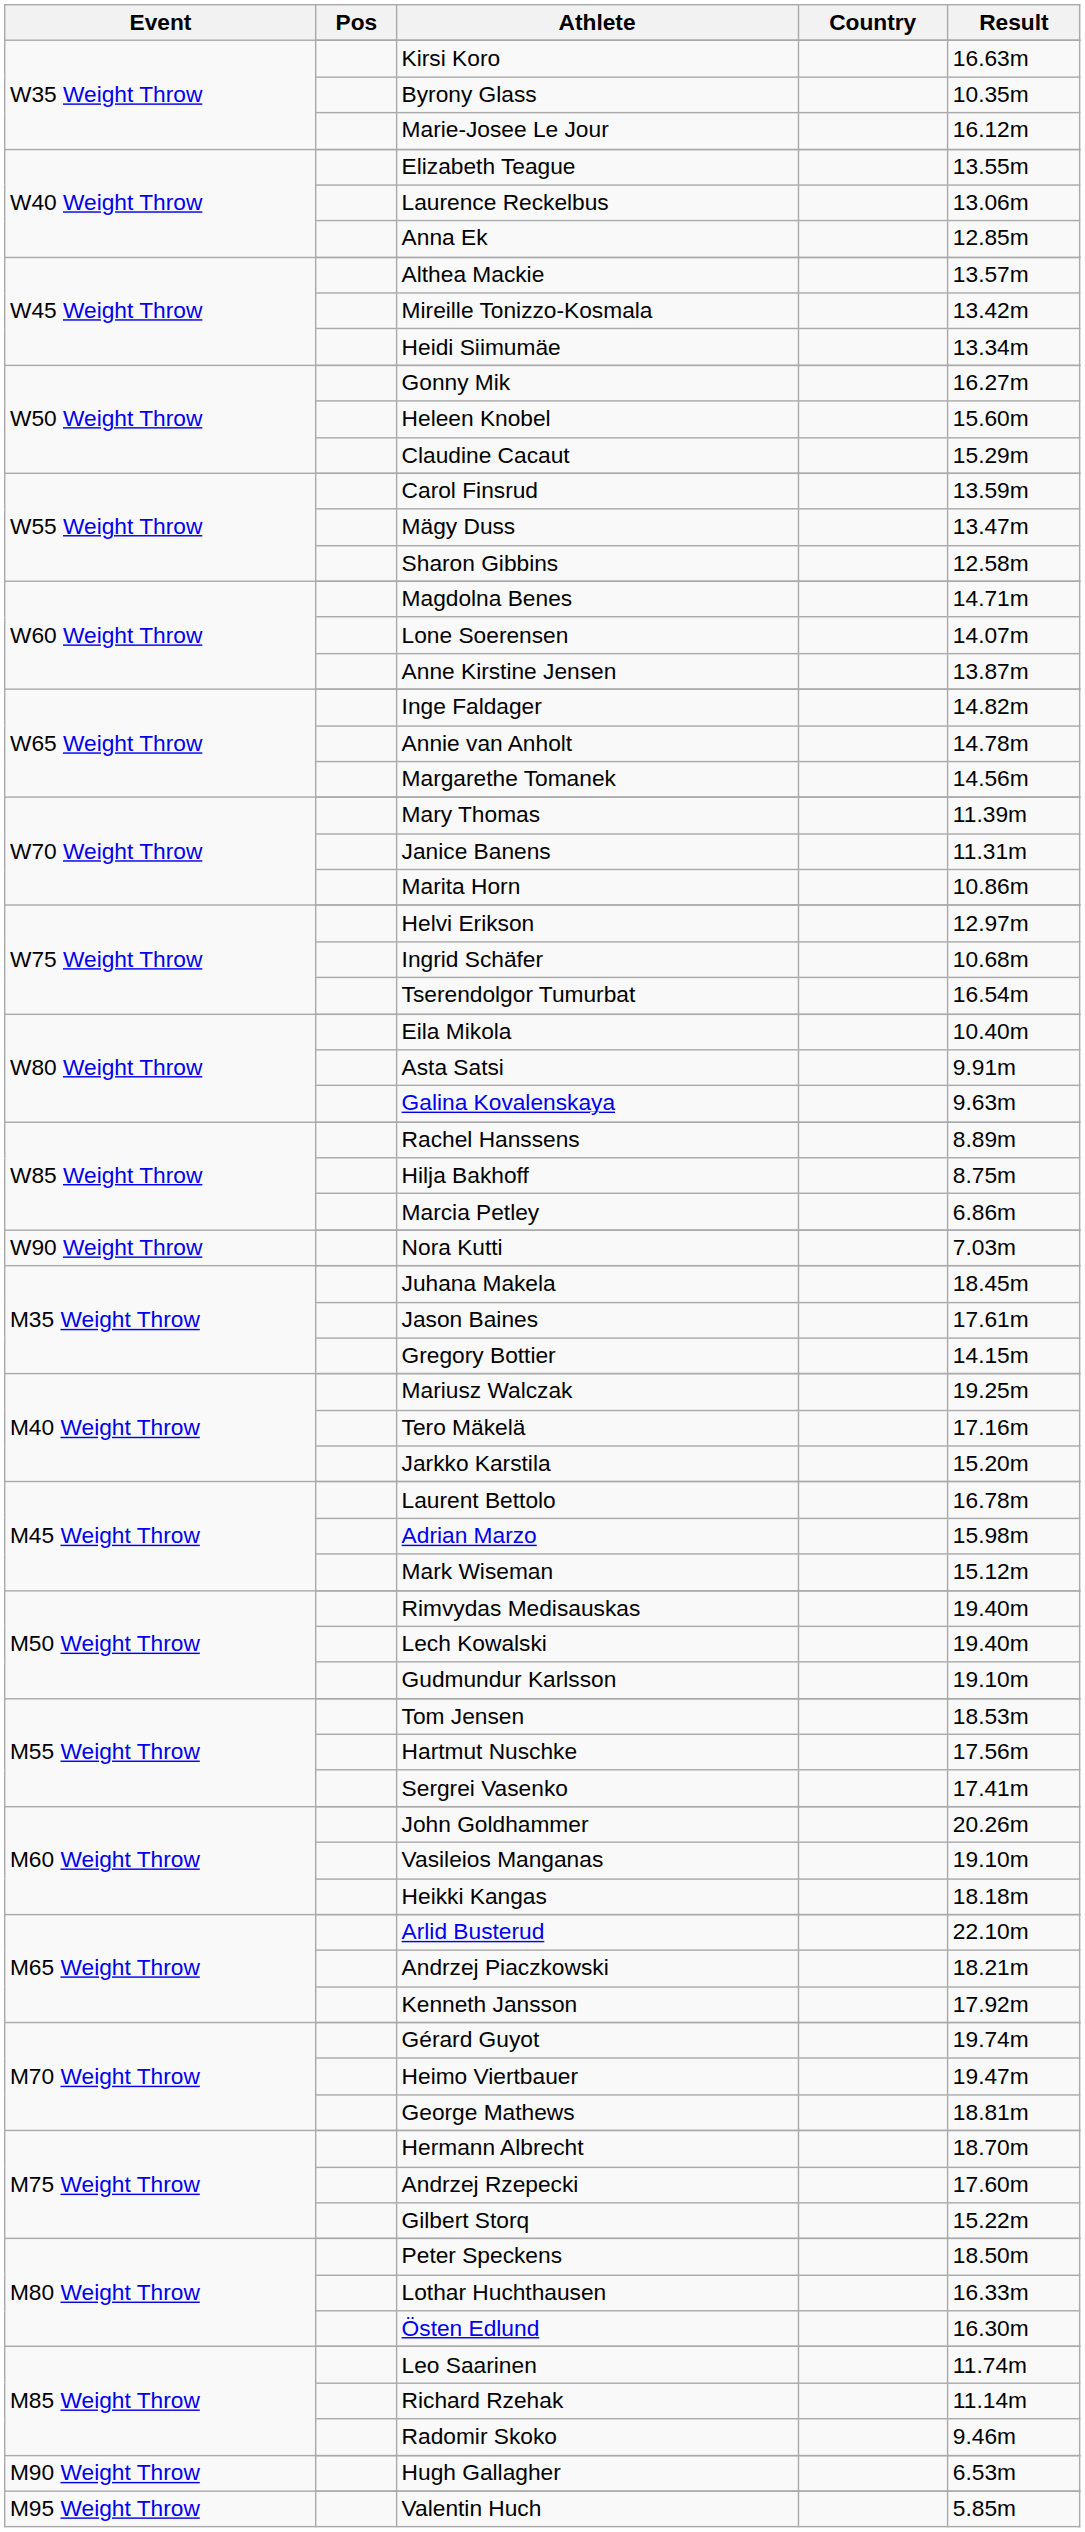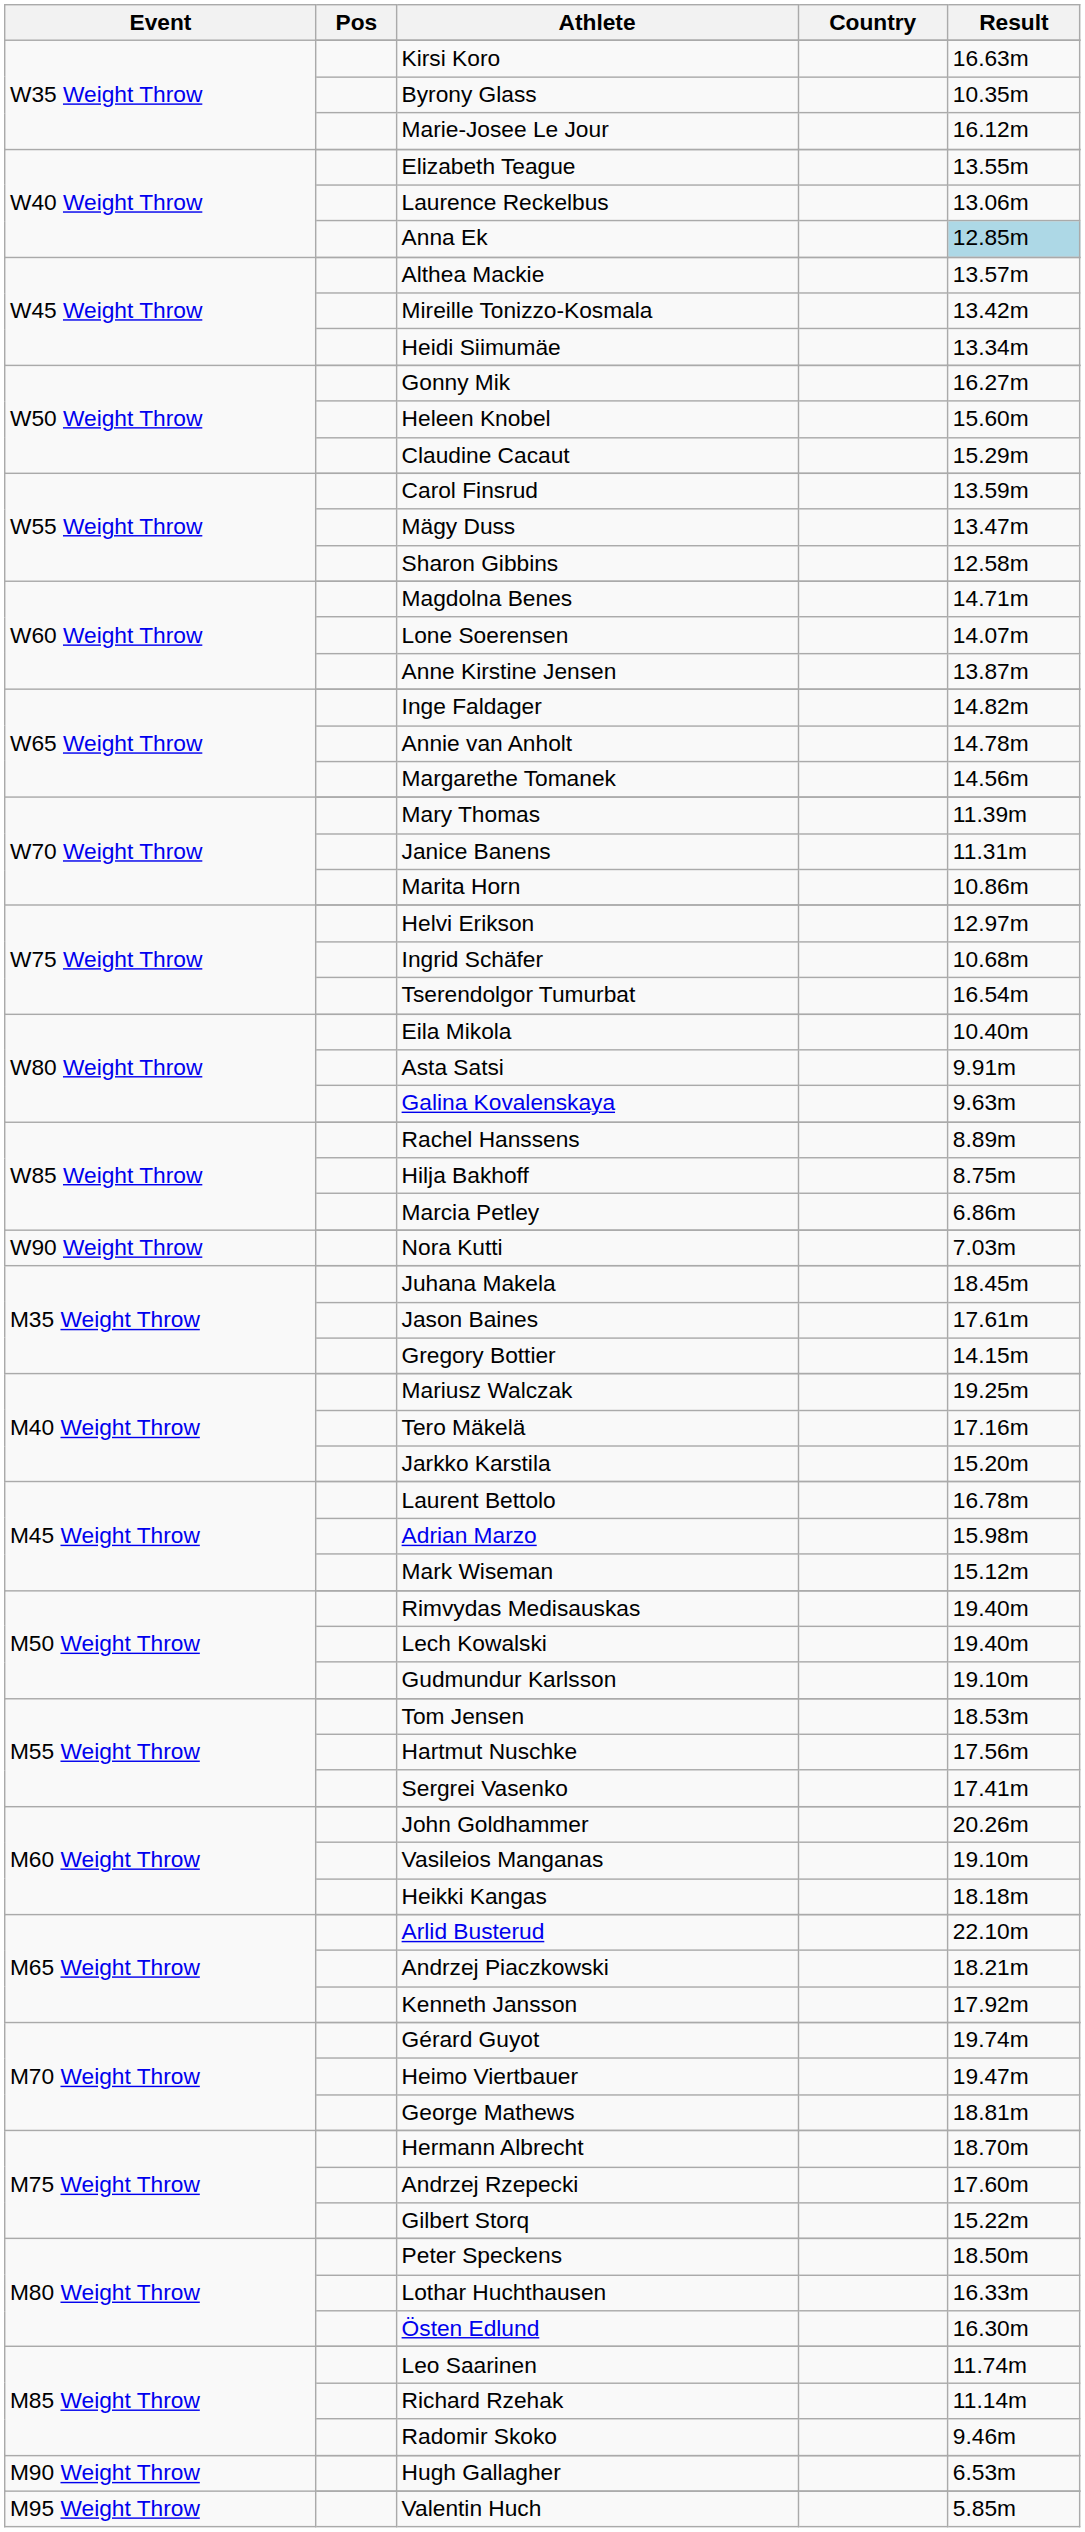 <table class="wikitable" style="width:60%;">
 <tr>
 <th>Event</th>
 <th>Pos</th>
 <th>Athlete</th>
 <th>Country</th>
 <th>Result</th>
 </tr>
 <tr>
 <td rowspan='4'>W35 <a href='#'>Weight Throw</a></td>
 </tr>
 <tr>
 <td align=center></td>
 <td align=left>Kirsi Koro</td>
 <td align=left></td>
 <td>16.63m</td>
 </tr>
 <tr>
 <td align=center></td>
 <td align=left>Byrony Glass</td>
 <td align=left></td>
 <td>10.35m</td>
 </tr>
 <tr>
 <td align=center></td>
 <td align=left>Marie-Josee Le Jour</td>
 <td align=left></td>
 <td>16.12m</td>
 </tr>
 <tr>
 <td rowspan='4'>W40 <a href='#'>Weight Throw</a></td>
 </tr>
 <tr>
 <td align=center></td>
 <td align=left>Elizabeth Teague</td>
 <td align=left></td>
 <td>13.55m</td>
 </tr>
 <tr>
 <td align=center></td>
 <td align=left>Laurence Reckelbus</td>
 <td align=left></td>
 <td>13.06m</td>
 </tr>
 <tr>
 <td align=center></td>
 <td align=left>Anna Ek</td>
 <td align=left></td>
-<td>12.85m</td>
+<td style="background: lightblue;">12.85m</td>
 </tr>
 <tr>
 <td rowspan='4'>W45 <a href='#'>Weight Throw</a></td>
 </tr>
 <tr>
 <td align=center></td>
 <td align=left>Althea Mackie</td>
 <td align=left></td>
 <td>13.57m</td>
 </tr>
 <tr>
 <td align=center></td>
 <td align=left>Mireille Tonizzo-Kosmala</td>
 <td align=left></td>
 <td>13.42m</td>
 </tr>
 <tr>
 <td align=center></td>
 <td align=left>Heidi Siimumäe</td>
 <td align=left></td>
 <td>13.34m</td>
 </tr>
 <tr>
 <td rowspan='4'>W50 <a href='#'>Weight Throw</a></td>
 </tr>
 <tr>
 <td align=center></td>
 <td align=left>Gonny Mik</td>
 <td align=left></td>
 <td>16.27m</td>
 </tr>
 <tr>
 <td align=center></td>
 <td align=left>Heleen Knobel</td>
 <td align=left></td>
 <td>15.60m</td>
 </tr>
 <tr>
 <td align=center></td>
 <td align=left>Claudine Cacaut</td>
 <td align=left></td>
 <td>15.29m</td>
 </tr>
 <tr>
 <td rowspan='4'>W55 <a href='#'>Weight Throw</a></td>
 </tr>
 <tr>
 <td align=center></td>
 <td align=left>Carol Finsrud</td>
 <td align=left></td>
 <td>13.59m</td>
 </tr>
 <tr>
 <td align=center></td>
 <td align=left>Mägy Duss</td>
 <td align=left></td>
 <td>13.47m</td>
 </tr>
 <tr>
 <td align=center></td>
 <td align=left>Sharon Gibbins</td>
 <td align=left></td>
 <td>12.58m</td>
 </tr>
 <tr>
 <td rowspan='4'>W60 <a href='#'>Weight Throw</a></td>
 </tr>
 <tr>
 <td align=center></td>
 <td align=left>Magdolna Benes</td>
 <td align=left></td>
 <td>14.71m</td>
 </tr>
 <tr>
 <td align=center></td>
 <td align=left>Lone Soerensen</td>
 <td align=left></td>
 <td>14.07m</td>
 </tr>
 <tr>
 <td align=center></td>
 <td align=left>Anne Kirstine Jensen</td>
 <td align=left></td>
 <td>13.87m</td>
 </tr>
 <tr>
 <td rowspan='4'>W65 <a href='#'>Weight Throw</a></td>
 </tr>
 <tr>
 <td align=center></td>
 <td align=left>Inge Faldager</td>
 <td align=left></td>
 <td>14.82m</td>
 </tr>
 <tr>
 <td align=center></td>
 <td align=left>Annie van Anholt</td>
 <td align=left></td>
 <td>14.78m</td>
 </tr>
 <tr>
 <td align=center></td>
 <td align=left>Margarethe Tomanek</td>
 <td align=left></td>
 <td>14.56m</td>
 </tr>
 <tr>
 <td rowspan='4'>W70 <a href='#'>Weight Throw</a></td>
 </tr>
 <tr>
 <td align=center></td>
 <td align=left>Mary Thomas</td>
 <td align=left></td>
 <td>11.39m</td>
 </tr>
 <tr>
 <td align=center></td>
 <td align=left>Janice Banens</td>
 <td align=left></td>
 <td>11.31m</td>
 </tr>
 <tr>
 <td align=center></td>
 <td align=left>Marita Horn</td>
 <td align=left></td>
 <td>10.86m</td>
 </tr>
 <tr>
 <td rowspan='4'>W75 <a href='#'>Weight Throw</a></td>
 </tr>
 <tr>
 <td align=center></td>
 <td align=left>Helvi Erikson</td>
 <td align=left></td>
 <td>12.97m</td>
 </tr>
 <tr>
 <td align=center></td>
 <td align=left>Ingrid Schäfer</td>
 <td align=left></td>
 <td>10.68m</td>
 </tr>
 <tr>
 <td align=center></td>
 <td align=left>Tserendolgor Tumurbat</td>
 <td align=left></td>
 <td>16.54m</td>
 </tr>
 <tr>
 <td rowspan='4'>W80 <a href='#'>Weight Throw</a></td>
 </tr>
 <tr>
 <td align=center></td>
 <td align=left>Eila Mikola</td>
 <td align=left></td>
 <td>10.40m</td>
 </tr>
 <tr>
 <td align=center></td>
 <td align=left>Asta Satsi</td>
 <td align=left></td>
 <td>9.91m</td>
 </tr>
 <tr>
 <td align=center></td>
 <td align=left><a href='#'>Galina Kovalenskaya</a></td>
 <td align=left></td>
 <td>9.63m</td>
 </tr>
 <tr>
 <td rowspan='4'>W85 <a href='#'>Weight Throw</a></td>
 </tr>
 <tr>
 <td align=center></td>
 <td align=left>Rachel Hanssens</td>
 <td align=left></td>
 <td>8.89m</td>
 </tr>
 <tr>
 <td align=center></td>
 <td align=left>Hilja Bakhoff</td>
 <td align=left></td>
 <td>8.75m</td>
 </tr>
 <tr>
 <td align=center></td>
 <td align=left>Marcia Petley</td>
 <td align=left></td>
 <td>6.86m</td>
 </tr>
 <tr>
 <td rowspan='2'>W90 <a href='#'>Weight Throw</a></td>
 </tr>
 <tr>
 <td align=center></td>
 <td align=left>Nora Kutti</td>
 <td align=left></td>
 <td>7.03m</td>
 </tr>
 <tr>
 <td rowspan='4'>M35 <a href='#'>Weight Throw</a></td>
 </tr>
 <tr>
 <td align=center></td>
 <td align=left>Juhana Makela</td>
 <td align=left></td>
 <td>18.45m</td>
 </tr>
 <tr>
 <td align=center></td>
 <td align=left>Jason Baines</td>
 <td align=left></td>
 <td>17.61m</td>
 </tr>
 <tr>
 <td align=center></td>
 <td align=left>Gregory Bottier</td>
 <td align=left></td>
 <td>14.15m</td>
 </tr>
 <tr>
 <td rowspan='4'>M40 <a href='#'>Weight Throw</a></td>
 </tr>
 <tr>
 <td align=center></td>
 <td align=left>Mariusz Walczak</td>
 <td align=left></td>
 <td>19.25m</td>
 </tr>
 <tr>
 <td align=center></td>
 <td align=left>Tero Mäkelä</td>
 <td align=left></td>
 <td>17.16m</td>
 </tr>
 <tr>
 <td align=center></td>
 <td align=left>Jarkko Karstila</td>
 <td align=left></td>
 <td>15.20m</td>
 </tr>
 <tr>
 <td rowspan='4'>M45 <a href='#'>Weight Throw</a></td>
 </tr>
 <tr>
 <td align=center></td>
 <td align=left>Laurent Bettolo</td>
 <td align=left></td>
 <td>16.78m</td>
 </tr>
 <tr>
 <td align=center></td>
 <td align=left><a href='#'>Adrian Marzo</a></td>
 <td align=left></td>
 <td>15.98m</td>
 </tr>
 <tr>
 <td align=center></td>
 <td align=left>Mark Wiseman</td>
 <td align=left></td>
 <td>15.12m</td>
 </tr>
 <tr>
 <td rowspan='4'>M50 <a href='#'>Weight Throw</a></td>
 </tr>
 <tr>
 <td align=center></td>
 <td align=left>Rimvydas Medisauskas</td>
 <td align=left></td>
 <td>19.40m</td>
 </tr>
 <tr>
 <td align=center></td>
 <td align=left>Lech Kowalski</td>
 <td align=left></td>
 <td>19.40m</td>
 </tr>
 <tr>
 <td align=center></td>
 <td align=left>Gudmundur Karlsson</td>
 <td align=left></td>
 <td>19.10m</td>
 </tr>
 <tr>
 <td rowspan='4'>M55 <a href='#'>Weight Throw</a></td>
 </tr>
 <tr>
 <td align=center></td>
 <td align=left>Tom Jensen</td>
 <td align=left></td>
 <td>18.53m</td>
 </tr>
 <tr>
 <td align=center></td>
 <td align=left>Hartmut Nuschke</td>
 <td align=left></td>
 <td>17.56m</td>
 </tr>
 <tr>
 <td align=center></td>
 <td align=left>Sergrei Vasenko</td>
 <td align=left></td>
 <td>17.41m</td>
 </tr>
 <tr>
 <td rowspan='4'>M60 <a href='#'>Weight Throw</a></td>
 </tr>
 <tr>
 <td align=center></td>
 <td align=left>John Goldhammer</td>
 <td align=left></td>
 <td>20.26m</td>
 </tr>
 <tr>
 <td align=center></td>
 <td align=left>Vasileios Manganas</td>
 <td align=left></td>
 <td>19.10m</td>
 </tr>
 <tr>
 <td align=center></td>
 <td align=left>Heikki Kangas</td>
 <td align=left></td>
 <td>18.18m</td>
 </tr>
 <tr>
 <td rowspan='4'>M65 <a href='#'>Weight Throw</a></td>
 </tr>
 <tr>
 <td align=center></td>
 <td align=left><a href='#'>Arlid Busterud</a></td>
 <td align=left></td>
 <td>22.10m</td>
 </tr>
 <tr>
 <td align=center></td>
 <td align=left>Andrzej Piaczkowski</td>
 <td align=left></td>
 <td>18.21m</td>
 </tr>
 <tr>
 <td align=center></td>
 <td align=left>Kenneth Jansson</td>
 <td align=left></td>
 <td>17.92m</td>
 </tr>
 <tr>
 <td rowspan='4'>M70 <a href='#'>Weight Throw</a></td>
 </tr>
 <tr>
 <td align=center></td>
 <td align=left>Gérard Guyot</td>
 <td align=left></td>
 <td>19.74m</td>
 </tr>
 <tr>
 <td align=center></td>
 <td align=left>Heimo Viertbauer</td>
 <td align=left></td>
 <td>19.47m</td>
 </tr>
 <tr>
 <td align=center></td>
 <td align=left>George Mathews</td>
 <td align=left></td>
 <td>18.81m</td>
 </tr>
 <tr>
 <td rowspan='4'>M75 <a href='#'>Weight Throw</a></td>
 </tr>
 <tr>
 <td align=center></td>
 <td align=left>Hermann Albrecht</td>
 <td align=left></td>
 <td>18.70m</td>
 </tr>
 <tr>
 <td align=center></td>
 <td align=left>Andrzej Rzepecki</td>
 <td align=left></td>
 <td>17.60m</td>
 </tr>
 <tr>
 <td align=center></td>
 <td align=left>Gilbert Storq</td>
 <td align=left></td>
 <td>15.22m</td>
 </tr>
 <tr>
 <td rowspan='4'>M80 <a href='#'>Weight Throw</a></td>
 </tr>
 <tr>
 <td align=center></td>
 <td align=left>Peter Speckens</td>
 <td align=left></td>
 <td>18.50m</td>
 </tr>
 <tr>
 <td align=center></td>
 <td align=left>Lothar Huchthausen</td>
 <td align=left></td>
 <td>16.33m</td>
 </tr>
 <tr>
 <td align=center></td>
 <td align=left><a href='#'>Östen Edlund</a></td>
 <td align=left></td>
 <td>16.30m</td>
 </tr>
 <tr>
 <td rowspan='4'>M85 <a href='#'>Weight Throw</a></td>
 </tr>
 <tr>
 <td align=center></td>
 <td align=left>Leo Saarinen</td>
 <td align=left></td>
 <td>11.74m</td>
 </tr>
 <tr>
 <td align=center></td>
 <td align=left>Richard Rzehak</td>
 <td align=left></td>
 <td>11.14m</td>
 </tr>
 <tr>
 <td align=center></td>
 <td align=left>Radomir Skoko</td>
 <td align=left></td>
 <td>9.46m</td>
 </tr>
 <tr>
 <td rowspan='2'>M90 <a href='#'>Weight Throw</a></td>
 </tr>
 <tr>
 <td align=center></td>
 <td align=left>Hugh Gallagher</td>
 <td align=left></td>
 <td>6.53m</td>
 </tr>
 <tr>
 <td rowspan='2'>M95 <a href='#'>Weight Throw</a></td>
 </tr>
 <tr>
 <td align=center></td>
 <td align=left>Valentin Huch</td>
 <td align=left></td>
 <td>5.85m</td>
 </tr>
 </table>
